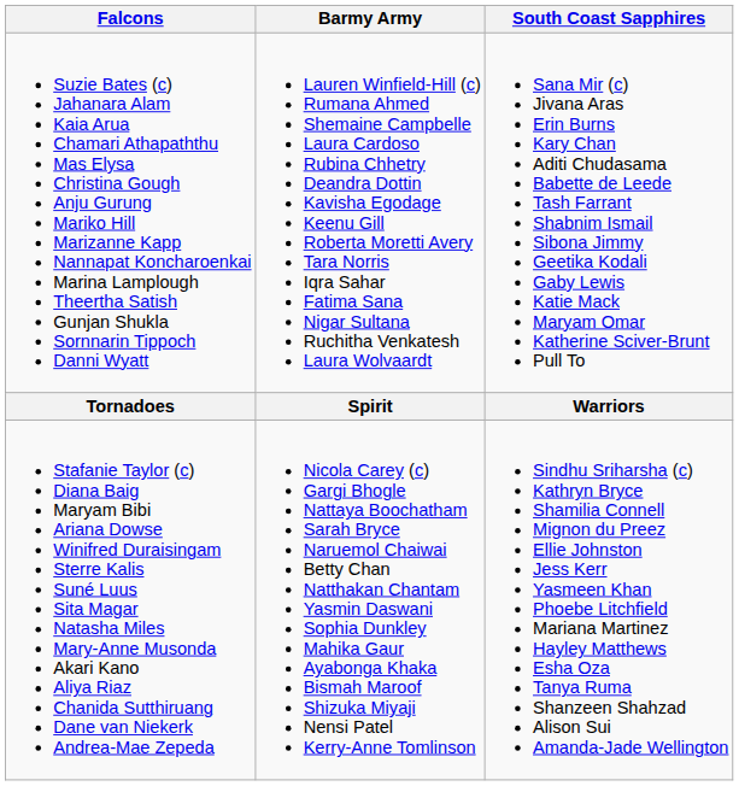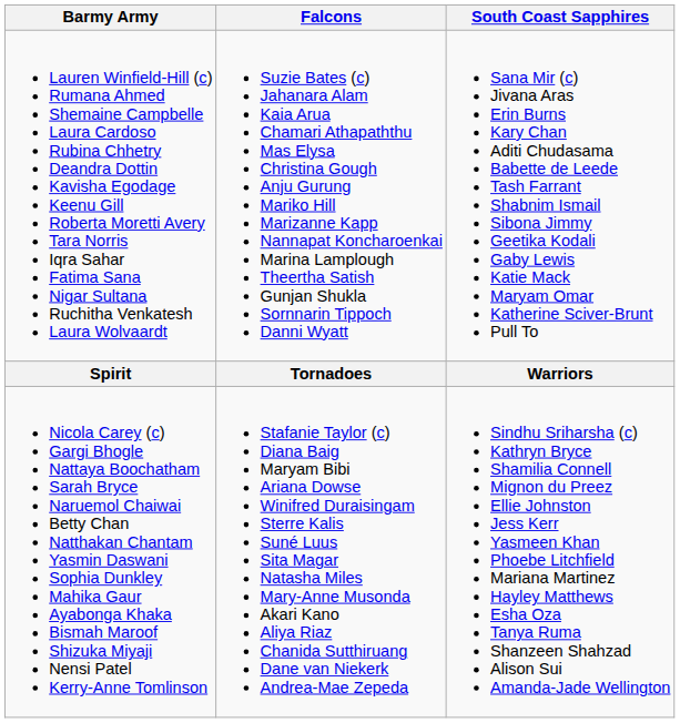 <table class="wikitable">
 <tr>
+<th>Barmy Army<br><small></small></th>
 <th><a href='#'>Falcons</a><br><small></small></th>
-<th>Barmy Army<br><small></small></th>
 <th><a href='#'>South Coast Sapphires</a><br><small></small></th>
 </tr>
 <tr style="vertical-align:top">
+<td><br><ul><li> <a href='#'>Lauren Winfield-Hill</a> (<a href='#'>c</a>)</li><li> <a href='#'>Rumana Ahmed</a></li><li> <a href='#'>Shemaine Campbelle</a></li><li> <a href='#'>Laura Cardoso</a></li><li> <a href='#'>Rubina Chhetry</a></li><li> <a href='#'>Deandra Dottin</a></li><li> <a href='#'>Kavisha Egodage</a></li><li> <a href='#'>Keenu Gill</a></li><li> <a href='#'>Roberta Moretti Avery</a></li><li> <a href='#'>Tara Norris</a></li><li> Iqra Sahar</li><li> <a href='#'>Fatima Sana</a></li><li> <a href='#'>Nigar Sultana</a></li><li> Ruchitha Venkatesh</li><li> <a href='#'>Laura Wolvaardt</a></li></ul></td>
 <td><br><ul><li> <a href='#'>Suzie Bates</a> (<a href='#'>c</a>)</li><li> <a href='#'>Jahanara Alam</a></li><li> <a href='#'>Kaia Arua</a></li><li> <a href='#'>Chamari Athapaththu</a></li><li> <a href='#'>Mas Elysa</a></li><li> <a href='#'>Christina Gough</a></li><li> <a href='#'>Anju Gurung</a></li><li> <a href='#'>Mariko Hill</a></li><li> <a href='#'>Marizanne Kapp</a></li><li> <a href='#'>Nannapat Koncharoenkai</a></li><li> Marina Lamplough</li><li> <a href='#'>Theertha Satish</a></li><li> Gunjan Shukla</li><li> <a href='#'>Sornnarin Tippoch</a></li><li> <a href='#'>Danni Wyatt</a></li></ul></td>
-<td><br><ul><li> <a href='#'>Lauren Winfield-Hill</a> (<a href='#'>c</a>)</li><li> <a href='#'>Rumana Ahmed</a></li><li> <a href='#'>Shemaine Campbelle</a></li><li> <a href='#'>Laura Cardoso</a></li><li> <a href='#'>Rubina Chhetry</a></li><li> <a href='#'>Deandra Dottin</a></li><li> <a href='#'>Kavisha Egodage</a></li><li> <a href='#'>Keenu Gill</a></li><li> <a href='#'>Roberta Moretti Avery</a></li><li> <a href='#'>Tara Norris</a></li><li> Iqra Sahar</li><li> <a href='#'>Fatima Sana</a></li><li> <a href='#'>Nigar Sultana</a></li><li> Ruchitha Venkatesh</li><li> <a href='#'>Laura Wolvaardt</a></li></ul></td>
 <td><br><ul><li> <a href='#'>Sana Mir</a> (<a href='#'>c</a>)</li><li> Jivana Aras</li><li> <a href='#'>Erin Burns</a></li><li> <a href='#'>Kary Chan</a></li><li> Aditi Chudasama</li><li> <a href='#'>Babette de Leede</a></li><li> <a href='#'>Tash Farrant</a></li><li> <a href='#'>Shabnim Ismail</a></li><li> <a href='#'>Sibona Jimmy</a></li><li> <a href='#'>Geetika Kodali</a></li><li> <a href='#'>Gaby Lewis</a></li><li> <a href='#'>Katie Mack</a></li><li> <a href='#'>Maryam Omar</a></li><li> <a href='#'>Katherine Sciver-Brunt</a></li><li> Pull To</li></ul></td>
 </tr>
 <tr>
+<th>Spirit<br><small></small></th>
 <th>Tornadoes<br><small></small></th>
-<th>Spirit<br><small></small></th>
 <th>Warriors<br><small></small></th>
 </tr>
 <tr style="vertical-align:top">
+<td><br><ul><li> <a href='#'>Nicola Carey</a> (<a href='#'>c</a>)</li><li> <a href='#'>Gargi Bhogle</a></li><li> <a href='#'>Nattaya Boochatham</a></li><li> <a href='#'>Sarah Bryce</a></li><li> <a href='#'>Naruemol Chaiwai</a></li><li> Betty Chan</li><li> <a href='#'>Natthakan Chantam</a></li><li> <a href='#'>Yasmin Daswani</a></li><li> <a href='#'>Sophia Dunkley</a></li><li> <a href='#'>Mahika Gaur</a></li><li> <a href='#'>Ayabonga Khaka</a></li><li> <a href='#'>Bismah Maroof</a></li><li> <a href='#'>Shizuka Miyaji</a></li><li> Nensi Patel</li><li> <a href='#'>Kerry-Anne Tomlinson</a></li></ul></td>
 <td><br><ul><li> <a href='#'>Stafanie Taylor</a> (<a href='#'>c</a>)</li><li> <a href='#'>Diana Baig</a></li><li> Maryam Bibi</li><li> <a href='#'>Ariana Dowse</a></li><li> <a href='#'>Winifred Duraisingam</a></li><li> <a href='#'>Sterre Kalis</a></li><li> <a href='#'>Suné Luus</a></li><li> <a href='#'>Sita Magar</a></li><li> <a href='#'>Natasha Miles</a></li><li> <a href='#'>Mary-Anne Musonda</a></li><li> Akari Kano</li><li> <a href='#'>Aliya Riaz</a></li><li> <a href='#'>Chanida Sutthiruang</a></li><li> <a href='#'>Dane van Niekerk</a></li><li> <a href='#'>Andrea-Mae Zepeda</a></li></ul></td>
-<td><br><ul><li> <a href='#'>Nicola Carey</a> (<a href='#'>c</a>)</li><li> <a href='#'>Gargi Bhogle</a></li><li> <a href='#'>Nattaya Boochatham</a></li><li> <a href='#'>Sarah Bryce</a></li><li> <a href='#'>Naruemol Chaiwai</a></li><li> Betty Chan</li><li> <a href='#'>Natthakan Chantam</a></li><li> <a href='#'>Yasmin Daswani</a></li><li> <a href='#'>Sophia Dunkley</a></li><li> <a href='#'>Mahika Gaur</a></li><li> <a href='#'>Ayabonga Khaka</a></li><li> <a href='#'>Bismah Maroof</a></li><li> <a href='#'>Shizuka Miyaji</a></li><li> Nensi Patel</li><li> <a href='#'>Kerry-Anne Tomlinson</a></li></ul></td>
 <td><br><ul><li> <a href='#'>Sindhu Sriharsha</a> (<a href='#'>c</a>)</li><li> <a href='#'>Kathryn Bryce</a></li><li> <a href='#'>Shamilia Connell</a></li><li> <a href='#'>Mignon du Preez</a></li><li> <a href='#'>Ellie Johnston</a></li><li> <a href='#'>Jess Kerr</a></li><li> <a href='#'>Yasmeen Khan</a></li><li> <a href='#'>Phoebe Litchfield</a></li><li> Mariana Martinez</li><li> <a href='#'>Hayley Matthews</a></li><li> <a href='#'>Esha Oza</a></li><li> <a href='#'>Tanya Ruma</a></li><li> Shanzeen Shahzad</li><li> Alison Sui</li><li> <a href='#'>Amanda-Jade Wellington</a></li></ul></td>
 </tr>
 </table>
